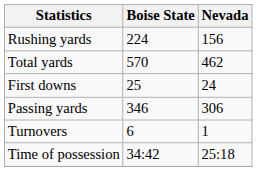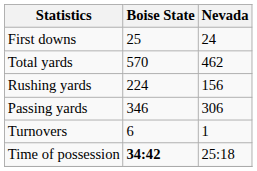 <table class="wikitable">
 <tr>
 <th>Statistics</th>
 <th>Boise State</th>
 <th>Nevada</th>
 </tr>
 <tr>
-<td>Rushing yards</td>
-<td>224</td>
-<td>156</td>
+<td>First downs</td>
+<td>25</td>
+<td>24</td>
 </tr>
 <tr>
 <td>Total yards</td>
 <td>570</td>
 <td>462</td>
 </tr>
 <tr>
-<td>First downs</td>
-<td>25</td>
-<td>24</td>
+<td>Rushing yards</td>
+<td>224</td>
+<td>156</td>
 </tr>
 <tr>
 <td>Passing yards</td>
 <td>346</td>
 <td>306</td>
 </tr>
 <tr>
 <td>Turnovers</td>
 <td>6</td>
 <td>1</td>
 </tr>
 <tr>
 <td>Time of possession</td>
-<td>34:42</td>
+<td><strong>34:42</strong></td>
 <td>25:18</td>
 </tr>
 <tr>
 </tr>
 </table>
